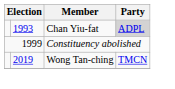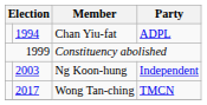 <table class="wikitable">
 <tr>
 <th colspan="2">Election</th>
 <th>Member</th>
 <th>Party</th>
 </tr>
 <tr>
 <td style="color:inherit;background:"></td>
-<td><a href='#'>1993</a></td>
+<td><a href='#'>1994</a></td>
 <td>Chan Yiu-fat</td>
-<td style="background: lightgrey;"><a href='#'>ADPL</a></td>
+<td><a href='#'>ADPL</a></td>
 </tr>
 <tr>
 <td colspan=2 align=right>1999</td>
 <td colspan=2><em>Constituency abolished</em></td>
 </tr>
 <tr>
 <td style="color:inherit;background:"></td>
-<td><a href='#'>2019</a></td>
+<td><a href='#'>2003</a></td>
+<td>Ng Koon-hung</td>
+<td><a href='#'>Independent</a></td>
+</tr>
+<tr>
+<td style="color:inherit;background:"></td>
+<td><a href='#'>2017</a></td>
 <td>Wong Tan-ching</td>
 <td><a href='#'>TMCN</a></td>
 </tr>
 <tr>
 </tr>
 </table>
